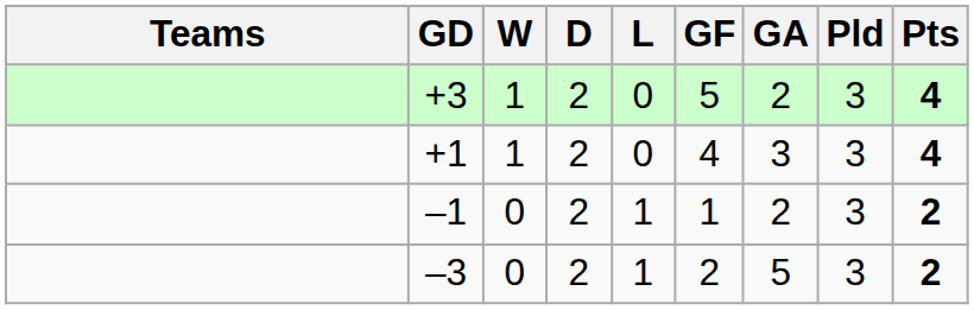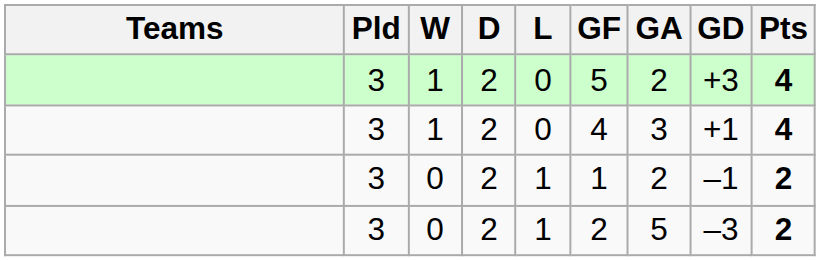 <table class="wikitable" style="text-align: center;">
 <tr>
 <th width=165>Teams</th>
-<th width=20>GD</th>
+<th width=20>Pld</th>
 <th width=20>W</th>
 <th width=20>D</th>
 <th width=20>L</th>
 <th width=20>GF</th>
 <th width=20>GA</th>
-<th width=20>Pld</th>
+<th width=20>GD</th>
 <th width=20>Pts</th>
 </tr>
 <tr align=center style="background:#ccffcc;">
 <td style="text-align:left;"></td>
-<td>+3</td>
+<td>3</td>
 <td>1</td>
 <td>2</td>
 <td>0</td>
 <td>5</td>
 <td>2</td>
-<td>3</td>
+<td>+3</td>
 <td><strong>4</strong></td>
 </tr>
 <tr align=center>
 <td style="text-align:left;"></td>
-<td>+1</td>
+<td>3</td>
 <td>1</td>
 <td>2</td>
 <td>0</td>
 <td>4</td>
 <td>3</td>
-<td>3</td>
+<td>+1</td>
 <td><strong>4</strong></td>
 </tr>
 <tr align=center>
 <td style="text-align:left;"></td>
-<td>–1</td>
+<td>3</td>
 <td>0</td>
 <td>2</td>
 <td>1</td>
 <td>1</td>
 <td>2</td>
-<td>3</td>
+<td>–1</td>
 <td><strong>2</strong></td>
 </tr>
 <tr align=center>
 <td style="text-align:left;"></td>
-<td>–3</td>
+<td>3</td>
 <td>0</td>
 <td>2</td>
 <td>1</td>
 <td>2</td>
 <td>5</td>
-<td>3</td>
+<td>–3</td>
 <td><strong>2</strong></td>
 </tr>
 </table>
